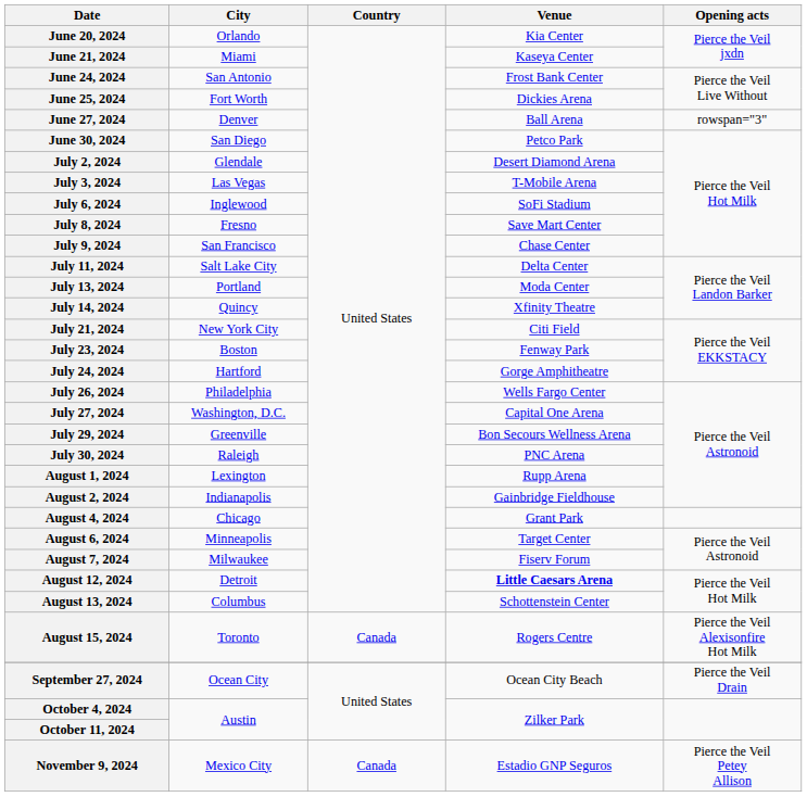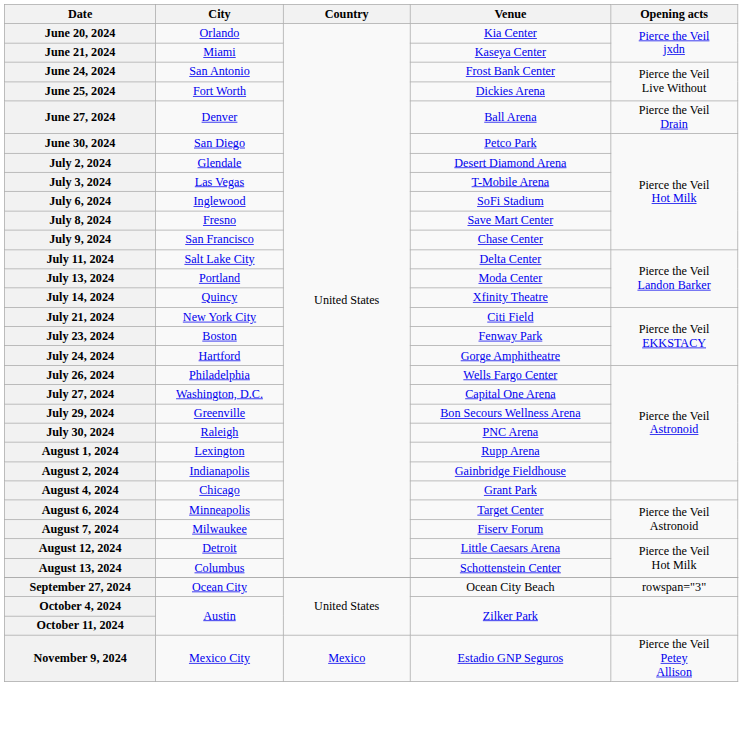 <table class="wikitable plainrowheaders" style="text-align:center;">
 <tr>
 <th scope="col" style="width:12em;">Date</th>
 <th scope="col" style="width:10em;">City</th>
 <th scope="col" style="width:10em;">Country</th>
 <th scope="col" style="width:16em;">Venue</th>
 <th scope="col" style="width:10em;">Opening acts</th>
 </tr>
 <tr>
 <th scope="row">June 20, 2024</th>
 <td><a href='#'>Orlando</a></td>
 <td rowspan="28">United States</td>
 <td><a href='#'>Kia Center</a></td>
 <td rowspan="2"><a href='#'>Pierce the Veil</a><br><a href='#'>jxdn</a></td>
 </tr>
 <tr>
 <th scope="row">June 21, 2024</th>
 <td><a href='#'>Miami</a></td>
 <td><a href='#'>Kaseya Center</a></td>
 </tr>
 <tr>
 <th scope="row">June 24, 2024</th>
 <td><a href='#'>San Antonio</a></td>
 <td><a href='#'>Frost Bank Center</a></td>
 <td rowspan="2">Pierce the Veil<br>Live Without</td>
 </tr>
 <tr>
 <th scope="row">June 25, 2024</th>
 <td><a href='#'>Fort Worth</a></td>
 <td><a href='#'>Dickies Arena</a></td>
 </tr>
 <tr>
 <th scope="row">June 27, 2024</th>
 <td><a href='#'>Denver</a></td>
 <td><a href='#'>Ball Arena</a></td>
-<td>rowspan="3" </td>
+<td>Pierce the Veil<br><a href='#'>Drain</a></td>
 </tr>
 <tr>
 <th scope="row">June 30, 2024</th>
 <td><a href='#'>San Diego</a></td>
 <td><a href='#'>Petco Park</a></td>
 <td rowspan="6">Pierce the Veil<br><a href='#'>Hot Milk</a></td>
 </tr>
 <tr>
 <th scope="row">July 2, 2024</th>
 <td><a href='#'>Glendale</a></td>
 <td><a href='#'>Desert Diamond Arena</a></td>
 </tr>
 <tr>
 <th scope="row">July 3, 2024</th>
 <td><a href='#'>Las Vegas</a></td>
 <td><a href='#'>T-Mobile Arena</a></td>
 </tr>
 <tr>
 <th scope="row">July 6, 2024</th>
 <td><a href='#'>Inglewood</a></td>
 <td><a href='#'>SoFi Stadium</a></td>
 </tr>
 <tr>
 <th scope="row">July 8, 2024</th>
 <td><a href='#'>Fresno</a></td>
 <td><a href='#'>Save Mart Center</a></td>
 </tr>
 <tr>
 <th scope="row">July 9, 2024</th>
 <td><a href='#'>San Francisco</a></td>
 <td><a href='#'>Chase Center</a></td>
 </tr>
 <tr>
 <th scope="row">July 11, 2024</th>
 <td><a href='#'>Salt Lake City</a></td>
 <td><a href='#'>Delta Center</a></td>
 <td rowspan="3">Pierce the Veil<br><a href='#'>Landon Barker</a></td>
 </tr>
 <tr>
 <th scope="row">July 13, 2024</th>
 <td><a href='#'>Portland</a></td>
 <td><a href='#'>Moda Center</a></td>
 </tr>
 <tr>
 <th scope="row">July 14, 2024</th>
 <td><a href='#'>Quincy</a></td>
 <td><a href='#'>Xfinity Theatre</a></td>
 </tr>
 <tr>
 <th scope="row">July 21, 2024</th>
 <td><a href='#'>New York City</a></td>
 <td><a href='#'>Citi Field</a></td>
 <td rowspan="3">Pierce the Veil<br><a href='#'>EKKSTACY</a></td>
 </tr>
 <tr>
 <th scope="row">July 23, 2024</th>
 <td><a href='#'>Boston</a></td>
 <td><a href='#'>Fenway Park</a></td>
 </tr>
 <tr>
 <th scope="row">July 24, 2024</th>
 <td><a href='#'>Hartford</a></td>
 <td><a href='#'>Gorge Amphitheatre</a></td>
 </tr>
 <tr>
 <th scope="row">July 26, 2024</th>
 <td><a href='#'>Philadelphia</a></td>
 <td><a href='#'>Wells Fargo Center</a></td>
 <td rowspan="6">Pierce the Veil<br><a href='#'>Astronoid</a></td>
 </tr>
 <tr>
 <th scope="row">July 27, 2024</th>
 <td><a href='#'>Washington, D.C.</a></td>
 <td><a href='#'>Capital One Arena</a></td>
 </tr>
 <tr>
 <th scope="row">July 29, 2024</th>
 <td><a href='#'>Greenville</a></td>
 <td><a href='#'>Bon Secours Wellness Arena</a></td>
 </tr>
 <tr>
 <th scope="row">July 30, 2024</th>
 <td><a href='#'>Raleigh</a></td>
 <td><a href='#'>PNC Arena</a></td>
 </tr>
 <tr>
 <th scope="row">August 1, 2024</th>
 <td><a href='#'>Lexington</a></td>
 <td><a href='#'>Rupp Arena</a></td>
 </tr>
 <tr>
 <th scope="row">August 2, 2024</th>
 <td><a href='#'>Indianapolis</a></td>
 <td><a href='#'>Gainbridge Fieldhouse</a></td>
 </tr>
 <tr>
 <th scope="row">August 4, 2024</th>
 <td><a href='#'>Chicago</a></td>
 <td><a href='#'>Grant Park</a></td>
 <td></td>
 </tr>
 <tr>
 <th scope="row">August 6, 2024</th>
 <td><a href='#'>Minneapolis</a></td>
 <td><a href='#'>Target Center</a></td>
 <td rowspan="2">Pierce the Veil<br>Astronoid</td>
 </tr>
 <tr>
 <th scope="row">August 7, 2024</th>
 <td><a href='#'>Milwaukee</a></td>
 <td><a href='#'>Fiserv Forum</a></td>
 </tr>
 <tr>
 <th scope="row">August 12, 2024</th>
 <td><a href='#'>Detroit</a></td>
-<td><strong><a href='#'>Little Caesars Arena</a></strong></td>
+<td><a href='#'>Little Caesars Arena</a></td>
 <td rowspan="2">Pierce the Veil<br>Hot Milk</td>
 </tr>
 <tr>
 <th scope="row">August 13, 2024</th>
 <td><a href='#'>Columbus</a></td>
 <td><a href='#'>Schottenstein Center</a></td>
 </tr>
 <tr>
-<th scope="row">August 15, 2024</th>
-<td><a href='#'>Toronto</a></td>
-<td><a href='#'>Canada</a></td>
-<td><a href='#'>Rogers Centre</a></td>
-<td>Pierce the Veil<br><a href='#'>Alexisonfire</a><br>Hot Milk</td>
-</tr>
-<tr>
 </tr>
 <tr>
 <th scope="row">September 27, 2024</th>
 <td><a href='#'>Ocean City</a></td>
 <td rowspan="3">United States</td>
 <td>Ocean City Beach</td>
-<td>Pierce the Veil<br><a href='#'>Drain</a></td>
+<td>rowspan="3" </td>
 </tr>
 <tr>
 <th scope="row">October 4, 2024</th>
 <td rowspan="2"><a href='#'>Austin</a></td>
 <td rowspan="2"><a href='#'>Zilker Park</a></td>
 </tr>
 <tr>
 <th scope="row">October 11, 2024</th>
 </tr>
 <tr>
 <th scope="row">November 9, 2024</th>
 <td><a href='#'>Mexico City</a></td>
-<td><a href='#'>Canada</a></td>
+<td><a href='#'>Mexico</a></td>
 <td><a href='#'>Estadio GNP Seguros</a></td>
 <td rowspan="4">Pierce the Veil<br><a href='#'>Petey</a><br><a href='#'>Allison</a></td>
 </tr>
 </table>
